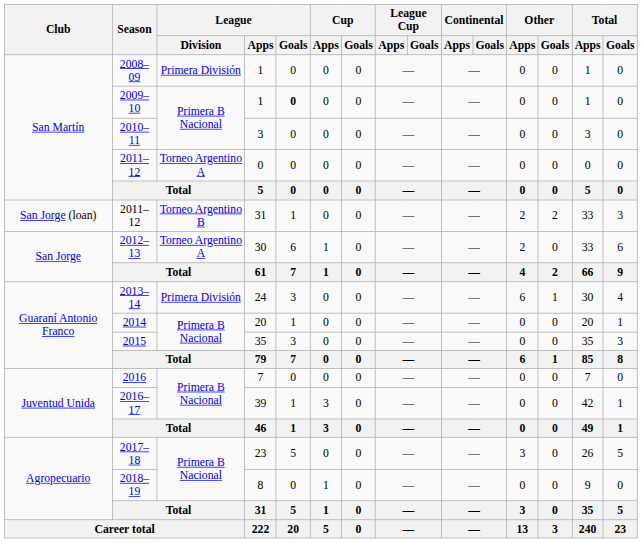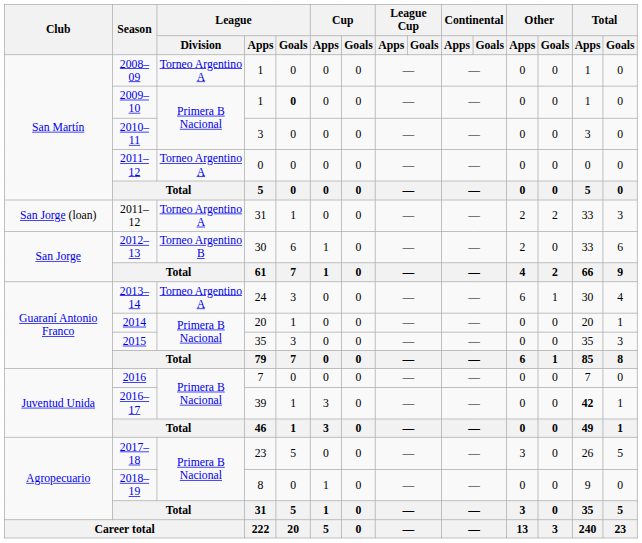 <table class="wikitable" style="text-align:center">
 <tr>
 <th rowspan="2">Club</th>
 <th rowspan="2">Season</th>
 <th colspan="3">League</th>
 <th colspan="2">Cup</th>
 <th colspan="2">League Cup</th>
 <th colspan="2">Continental</th>
 <th colspan="2">Other</th>
 <th colspan="2">Total</th>
 </tr>
 <tr>
 <th>Division</th>
 <th>Apps</th>
 <th>Goals</th>
 <th>Apps</th>
 <th>Goals</th>
 <th>Apps</th>
 <th>Goals</th>
 <th>Apps</th>
 <th>Goals</th>
 <th>Apps</th>
 <th>Goals</th>
 <th>Apps</th>
 <th>Goals</th>
 </tr>
 <tr>
 <td rowspan="5"><a href='#'>San Martín</a></td>
 <td><a href='#'>2008–09</a></td>
-<td rowspan="1"><a href='#'>Primera División</a></td>
+<td rowspan="1"><a href='#'>Torneo Argentino A</a></td>
 <td>1</td>
 <td>0</td>
 <td>0</td>
 <td>0</td>
 <td colspan="2">—</td>
 <td colspan="2">—</td>
 <td>0</td>
 <td>0</td>
 <td>1</td>
 <td>0</td>
 </tr>
 <tr>
 <td><a href='#'>2009–10</a></td>
 <td rowspan="2"><a href='#'>Primera B Nacional</a></td>
 <td>1</td>
 <td><strong>0</strong></td>
 <td>0</td>
 <td>0</td>
 <td colspan="2">—</td>
 <td colspan="2">—</td>
 <td>0</td>
 <td>0</td>
 <td>1</td>
 <td>0</td>
 </tr>
 <tr>
 <td><a href='#'>2010–11</a></td>
 <td>3</td>
 <td>0</td>
 <td>0</td>
 <td>0</td>
 <td colspan="2">—</td>
 <td colspan="2">—</td>
 <td>0</td>
 <td>0</td>
 <td>3</td>
 <td>0</td>
 </tr>
 <tr>
 <td><a href='#'>2011–12</a></td>
 <td rowspan="1"><a href='#'>Torneo Argentino A</a></td>
 <td>0</td>
 <td>0</td>
 <td>0</td>
 <td>0</td>
 <td colspan="2">—</td>
 <td colspan="2">—</td>
 <td>0</td>
 <td>0</td>
 <td>0</td>
 <td>0</td>
 </tr>
 <tr>
 <th colspan="2">Total</th>
 <th>5</th>
 <th>0</th>
 <th>0</th>
 <th>0</th>
 <th colspan="2">—</th>
 <th colspan="2">—</th>
 <th>0</th>
 <th>0</th>
 <th>5</th>
 <th>0</th>
 </tr>
 <tr>
 <td rowspan="1"><a href='#'>San Jorge</a> (loan)</td>
 <td>2011–12</td>
-<td rowspan="1"><a href='#'>Torneo Argentino B</a></td>
+<td rowspan="1"><a href='#'>Torneo Argentino A</a></td>
 <td>31</td>
 <td>1</td>
 <td>0</td>
 <td>0</td>
 <td colspan="2">—</td>
 <td colspan="2">—</td>
 <td>2</td>
 <td>2</td>
 <td>33</td>
 <td>3</td>
 </tr>
 <tr>
 <td rowspan="2"><a href='#'>San Jorge</a></td>
 <td><a href='#'>2012–13</a></td>
-<td rowspan="1"><a href='#'>Torneo Argentino A</a></td>
+<td rowspan="1"><a href='#'>Torneo Argentino B</a></td>
 <td>30</td>
 <td>6</td>
 <td>1</td>
 <td>0</td>
 <td colspan="2">—</td>
 <td colspan="2">—</td>
 <td>2</td>
 <td>0</td>
 <td>33</td>
 <td>6</td>
 </tr>
 <tr>
 <th colspan="2">Total</th>
 <th>61</th>
 <th>7</th>
 <th>1</th>
 <th>0</th>
 <th colspan="2">—</th>
 <th colspan="2">—</th>
 <th>4</th>
 <th>2</th>
 <th>66</th>
 <th>9</th>
 </tr>
 <tr>
 <td rowspan="4"><a href='#'>Guaraní Antonio Franco</a></td>
 <td><a href='#'>2013–14</a></td>
-<td rowspan="1"><a href='#'>Primera División</a></td>
+<td rowspan="1"><a href='#'>Torneo Argentino A</a></td>
 <td>24</td>
 <td>3</td>
 <td>0</td>
 <td>0</td>
 <td colspan="2">—</td>
 <td colspan="2">—</td>
 <td>6</td>
 <td>1</td>
 <td>30</td>
 <td>4</td>
 </tr>
 <tr>
 <td><a href='#'>2014</a></td>
 <td rowspan="2"><a href='#'>Primera B Nacional</a></td>
 <td>20</td>
 <td>1</td>
 <td>0</td>
 <td>0</td>
 <td colspan="2">—</td>
 <td colspan="2">—</td>
 <td>0</td>
 <td>0</td>
 <td>20</td>
 <td>1</td>
 </tr>
 <tr>
 <td><a href='#'>2015</a></td>
 <td>35</td>
 <td>3</td>
 <td>0</td>
 <td>0</td>
 <td colspan="2">—</td>
 <td colspan="2">—</td>
 <td>0</td>
 <td>0</td>
 <td>35</td>
 <td>3</td>
 </tr>
 <tr>
 <th colspan="2">Total</th>
 <th>79</th>
 <th>7</th>
 <th>0</th>
 <th>0</th>
 <th colspan="2">—</th>
 <th colspan="2">—</th>
 <th>6</th>
 <th>1</th>
 <th>85</th>
 <th>8</th>
 </tr>
 <tr>
 <td rowspan="3"><a href='#'>Juventud Unida</a></td>
 <td><a href='#'>2016</a></td>
 <td rowspan="2"><a href='#'>Primera B Nacional</a></td>
 <td>7</td>
 <td>0</td>
 <td>0</td>
 <td>0</td>
 <td colspan="2">—</td>
 <td colspan="2">—</td>
 <td>0</td>
 <td>0</td>
 <td>7</td>
 <td>0</td>
 </tr>
 <tr>
 <td><a href='#'>2016–17</a></td>
 <td>39</td>
 <td>1</td>
 <td>3</td>
 <td>0</td>
 <td colspan="2">—</td>
 <td colspan="2">—</td>
 <td>0</td>
 <td>0</td>
-<td>42</td>
+<td><strong>42</strong></td>
 <td>1</td>
 </tr>
 <tr>
 <th colspan="2">Total</th>
 <th>46</th>
 <th>1</th>
 <th>3</th>
 <th>0</th>
 <th colspan="2">—</th>
 <th colspan="2">—</th>
 <th>0</th>
 <th>0</th>
 <th>49</th>
 <th>1</th>
 </tr>
 <tr>
 <td rowspan="3"><a href='#'>Agropecuario</a></td>
 <td><a href='#'>2017–18</a></td>
 <td rowspan="2"><a href='#'>Primera B Nacional</a></td>
 <td>23</td>
 <td>5</td>
 <td>0</td>
 <td>0</td>
 <td colspan="2">—</td>
 <td colspan="2">—</td>
 <td>3</td>
 <td>0</td>
 <td>26</td>
 <td>5</td>
 </tr>
 <tr>
 <td><a href='#'>2018–19</a></td>
 <td>8</td>
 <td>0</td>
 <td>1</td>
 <td>0</td>
 <td colspan="2">—</td>
 <td colspan="2">—</td>
 <td>0</td>
 <td>0</td>
 <td>9</td>
 <td>0</td>
 </tr>
 <tr>
 <th colspan="2">Total</th>
 <th>31</th>
 <th>5</th>
 <th>1</th>
 <th>0</th>
 <th colspan="2">—</th>
 <th colspan="2">—</th>
 <th>3</th>
 <th>0</th>
 <th>35</th>
 <th>5</th>
 </tr>
 <tr>
 <th colspan="3">Career total</th>
 <th>222</th>
 <th>20</th>
 <th>5</th>
 <th>0</th>
 <th colspan="2">—</th>
 <th colspan="2">—</th>
 <th>13</th>
 <th>3</th>
 <th>240</th>
 <th>23</th>
 </tr>
 </table>
